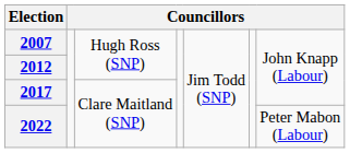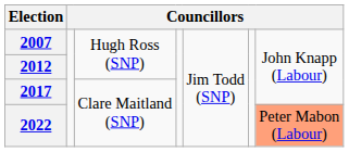 <table class="wikitable" style="text-align:center">
 <tr>
 <th>Election</th>
 <th colspan=8>Councillors</th>
 </tr>
 <tr>
 <th><a href='#'>2007</a></th>
 <td rowspan=4; style="background-color: "></td>
 <td rowspan=2>Hugh Ross<br>(<a href='#'>SNP</a>)</td>
 <td rowspan=4; style="background-color: "></td>
 <td rowspan=4>Jim Todd<br>(<a href='#'>SNP</a>)</td>
 <td rowspan=4; style="background-color: "></td>
 <td rowspan=3>John Knapp<br>(<a href='#'>Labour</a>)</td>
 </tr>
 <tr>
 <th><a href='#'>2012</a></th>
 </tr>
 <tr>
 <th><a href='#'>2017</a></th>
 <td rowspan=2>Clare Maitland<br>(<a href='#'>SNP</a>)</td>
 </tr>
 <tr>
 <th><a href='#'>2022</a></th>
-<td rowspan=1>Peter Mabon<br>(<a href='#'>Labour</a>)</td>
+<td rowspan=1 style="background: lightsalmon;">Peter Mabon<br>(<a href='#'>Labour</a>)</td>
 </tr>
 </table>
